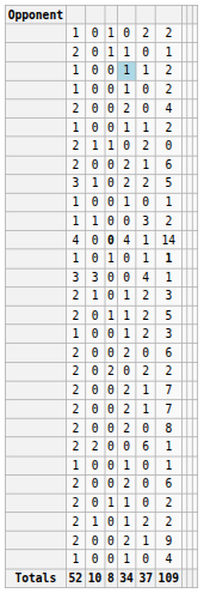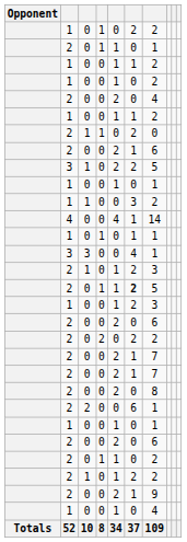 <table class="wikitable plainrowheaders sortable" style="text-align:center">
 <tr>
 <th scope=col>Opponent</th>
 <th scope=col></th>
 <th scope=col></th>
 <th scope=col></th>
 <th scope=col></th>
 <th scope=col></th>
 <th scope=col></th>
 <th scope=col></th>
 <th scope=col></th>
 <th scope=col></th>
 </tr>
 <tr>
 <th scope=row style="text-align:left;"></th>
 <td>1</td>
 <td>0</td>
 <td>1</td>
 <td>0</td>
 <td>2</td>
 <td>2</td>
 <td></td>
 <td></td>
 <td></td>
 </tr>
 <tr>
 <th scope=row style="text-align:left;"></th>
 <td>2</td>
 <td>0</td>
 <td>1</td>
 <td>1</td>
 <td>0</td>
 <td>1</td>
 <td></td>
 <td></td>
 <td></td>
 </tr>
 <tr>
 <th scope=row style="text-align:left;"></th>
 <td>1</td>
 <td>0</td>
 <td>0</td>
-<td style="background: lightblue;">1</td>
+<td>1</td>
 <td>1</td>
 <td>2</td>
 <td></td>
 <td></td>
 <td></td>
 </tr>
 <tr>
 <th scope=row style="text-align:left;"></th>
 <td>1</td>
 <td>0</td>
 <td>0</td>
 <td>1</td>
 <td>0</td>
 <td>2</td>
 <td></td>
 <td></td>
 <td></td>
 </tr>
 <tr>
 <th scope=row style="text-align:left;"></th>
 <td>2</td>
 <td>0</td>
 <td>0</td>
 <td>2</td>
 <td>0</td>
 <td>4</td>
 <td></td>
 <td></td>
 <td></td>
 </tr>
 <tr>
 <th scope=row style="text-align:left;"></th>
 <td>1</td>
 <td>0</td>
 <td>0</td>
 <td>1</td>
 <td>1</td>
 <td>2</td>
 <td></td>
 <td></td>
 <td></td>
 </tr>
 <tr>
 <th scope=row style="text-align:left;"></th>
 <td>2</td>
 <td>1</td>
 <td>1</td>
 <td>0</td>
 <td>2</td>
 <td>0</td>
 <td></td>
 <td></td>
 <td></td>
 </tr>
 <tr>
 <th scope=row style="text-align:left;"></th>
 <td>2</td>
 <td>0</td>
 <td>0</td>
 <td>2</td>
 <td>1</td>
 <td>6</td>
 <td></td>
 <td></td>
 <td></td>
 </tr>
 <tr>
 <th scope=row style="text-align:left;"></th>
 <td>3</td>
 <td>1</td>
 <td>0</td>
 <td>2</td>
 <td>2</td>
 <td>5</td>
 <td></td>
 <td></td>
 <td></td>
 </tr>
 <tr>
 <th scope=row style="text-align:left;"></th>
 <td>1</td>
 <td>0</td>
 <td>0</td>
 <td>1</td>
 <td>0</td>
 <td>1</td>
 <td></td>
 <td></td>
 <td></td>
 </tr>
 <tr>
 <th scope=row style="text-align:left;"></th>
 <td>1</td>
 <td>1</td>
 <td>0</td>
 <td>0</td>
 <td>3</td>
 <td>2</td>
 <td></td>
 <td></td>
 <td></td>
 </tr>
 <tr>
 <th scope=row style="text-align:left;"></th>
 <td>4</td>
 <td>0</td>
-<td><strong>0</strong></td>
+<td>0</td>
 <td>4</td>
 <td>1</td>
 <td>14</td>
 <td></td>
 <td></td>
 <td></td>
 </tr>
 <tr>
 <th scope=row style="text-align:left;"></th>
 <td>1</td>
 <td>0</td>
 <td>1</td>
 <td>0</td>
 <td>1</td>
-<td><strong>1</strong></td>
+<td>1</td>
 <td></td>
 <td></td>
 <td></td>
 </tr>
 <tr>
 <th scope=row style="text-align:left;"></th>
 <td>3</td>
 <td>3</td>
 <td>0</td>
 <td>0</td>
 <td>4</td>
 <td>1</td>
 <td></td>
 <td></td>
 <td></td>
 </tr>
 <tr>
 <th scope=row style="text-align:left;"></th>
 <td>2</td>
 <td>1</td>
 <td>0</td>
 <td>1</td>
 <td>2</td>
 <td>3</td>
 <td></td>
 <td></td>
 <td></td>
 </tr>
 <tr>
 <th scope=row style="text-align:left;"></th>
 <td>2</td>
 <td>0</td>
 <td>1</td>
 <td>1</td>
-<td>2</td>
+<td><strong>2</strong></td>
 <td>5</td>
 <td></td>
 <td></td>
 <td></td>
 </tr>
 <tr>
 <th scope=row style="text-align:left;"></th>
 <td>1</td>
 <td>0</td>
 <td>0</td>
 <td>1</td>
 <td>2</td>
 <td>3</td>
 <td></td>
 <td></td>
 <td></td>
 </tr>
 <tr>
 <th scope=row style="text-align:left;"></th>
 <td>2</td>
 <td>0</td>
 <td>0</td>
 <td>2</td>
 <td>0</td>
 <td>6</td>
 <td></td>
 <td></td>
 <td></td>
 </tr>
 <tr>
 <th scope=row style="text-align:left;"></th>
 <td>2</td>
 <td>0</td>
 <td>2</td>
 <td>0</td>
 <td>2</td>
 <td>2</td>
 <td></td>
 <td></td>
 <td></td>
 </tr>
 <tr>
 <th scope=row style="text-align:left;"></th>
 <td>2</td>
 <td>0</td>
 <td>0</td>
 <td>2</td>
 <td>1</td>
 <td>7</td>
 <td></td>
 <td></td>
 <td></td>
 </tr>
 <tr>
 <th scope=row style="text-align:left;"></th>
 <td>2</td>
 <td>0</td>
 <td>0</td>
 <td>2</td>
 <td>1</td>
 <td>7</td>
 <td></td>
 <td></td>
 <td></td>
 </tr>
 <tr>
 <th scope=row style="text-align:left;"></th>
 <td>2</td>
 <td>0</td>
 <td>0</td>
 <td>2</td>
 <td>0</td>
 <td>8</td>
 <td></td>
 <td></td>
 <td></td>
 </tr>
 <tr>
 <th scope=row style="text-align:left;"></th>
 <td>2</td>
 <td>2</td>
 <td>0</td>
 <td>0</td>
 <td>6</td>
 <td>1</td>
 <td></td>
 <td></td>
 <td></td>
 </tr>
 <tr>
 <th scope=row style="text-align:left;"></th>
 <td>1</td>
 <td>0</td>
 <td>0</td>
 <td>1</td>
 <td>0</td>
 <td>1</td>
 <td></td>
 <td></td>
 <td></td>
 </tr>
 <tr>
 <th scope=row style="text-align:left;"></th>
 <td>2</td>
 <td>0</td>
 <td>0</td>
 <td>2</td>
 <td>0</td>
 <td>6</td>
 <td></td>
 <td></td>
 <td></td>
 </tr>
 <tr>
 <th scope=row style="text-align:left;"></th>
 <td>2</td>
 <td>0</td>
 <td>1</td>
 <td>1</td>
 <td>0</td>
 <td>2</td>
 <td></td>
 <td></td>
 <td></td>
 </tr>
 <tr>
 <th scope=row style="text-align:left;"></th>
 <td>2</td>
 <td>1</td>
 <td>0</td>
 <td>1</td>
 <td>2</td>
 <td>2</td>
 <td></td>
 <td></td>
 <td></td>
 </tr>
 <tr>
 <th scope=row style="text-align:left;"></th>
 <td>2</td>
 <td>0</td>
 <td>0</td>
 <td>2</td>
 <td>1</td>
 <td>9</td>
 <td></td>
 <td></td>
 <td></td>
 </tr>
 <tr>
 <th scope=row style="text-align:left;"></th>
 <td>1</td>
 <td>0</td>
 <td>0</td>
 <td>1</td>
 <td>0</td>
 <td>4</td>
 <td></td>
 <td></td>
 <td></td>
 </tr>
 <tr class="sortbottom">
 <th>Totals</th>
 <th>52</th>
 <th>10</th>
 <th>8</th>
 <th>34</th>
 <th>37</th>
 <th>109</th>
 <th></th>
 <th></th>
 <th></th>
 </tr>
 </table>
